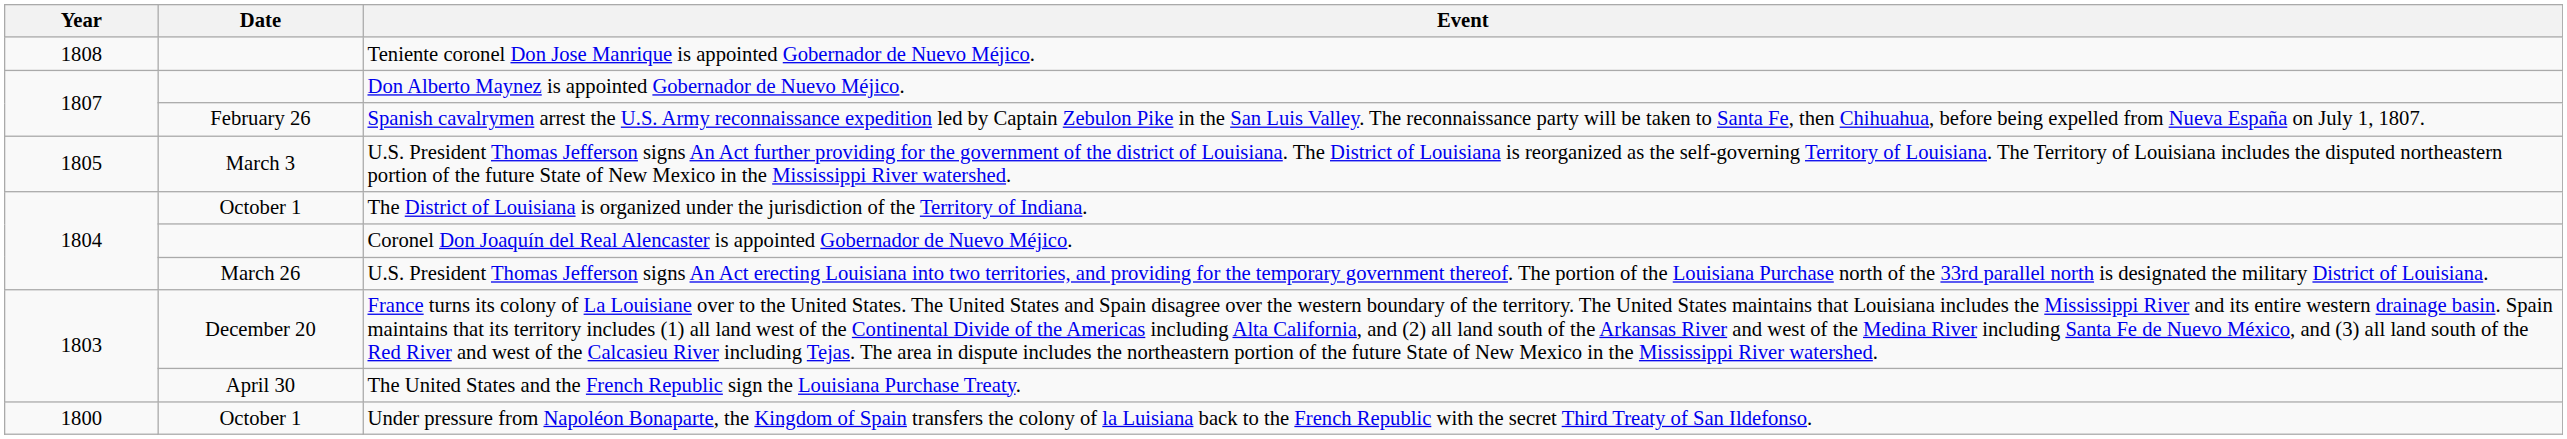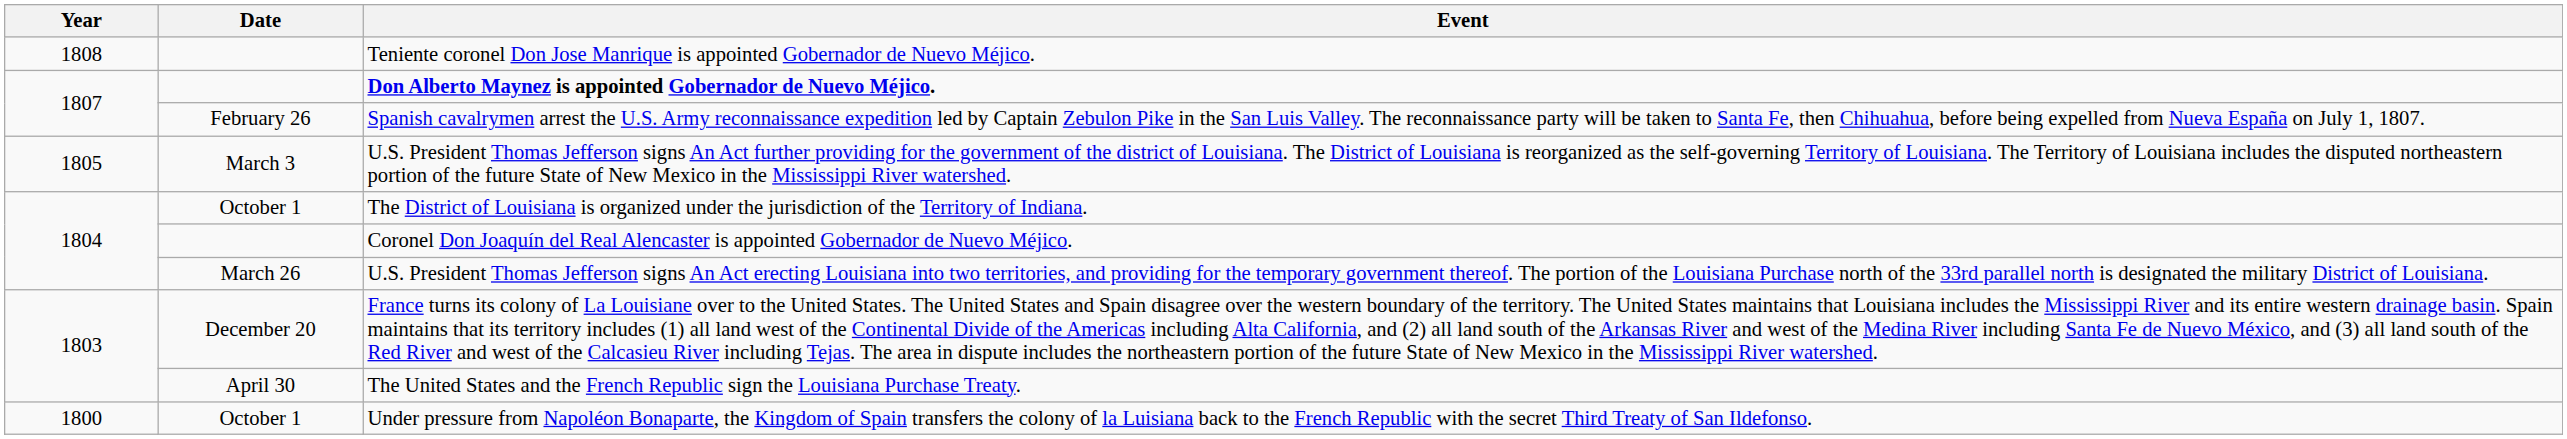 <table class="wikitable" style="width:100%;">
 <tr>
 <th style="width:6%">Year</th>
 <th style="width:8%">Date</th>
 <th style="width:86%">Event</th>
 </tr>
 <tr>
 <td align=center>1808</td>
 <td align=center> </td>
 <td>Teniente coronel <a href='#'>Don Jose Manrique</a> is appointed <a href='#'>Gobernador de Nuevo Méjico</a>.</td>
 </tr>
 <tr>
 <td align=center rowspan=2>1807</td>
 <td align=center> </td>
-<td><a href='#'>Don Alberto Maynez</a> is appointed <a href='#'>Gobernador de Nuevo Méjico</a>.</td>
+<td><strong><a href='#'>Don Alberto Maynez</a> is appointed <a href='#'>Gobernador de Nuevo Méjico</a>.</strong></td>
 </tr>
 <tr>
 <td align=center>February 26</td>
 <td><a href='#'>Spanish cavalrymen</a> arrest the <a href='#'>U.S. Army reconnaissance expedition</a> led by Captain <a href='#'>Zebulon Pike</a> in the <a href='#'>San Luis Valley</a>.  The reconnaissance party will be taken to <a href='#'>Santa Fe</a>, then <a href='#'>Chihuahua</a>, before being expelled from <a href='#'>Nueva España</a> on July 1, 1807.</td>
 </tr>
 <tr>
 <td align=center rowspan=1>1805</td>
 <td align=center>March 3</td>
 <td>U.S. President <a href='#'>Thomas Jefferson</a> signs <a href='#'>An Act further providing for the government of the district of Louisiana</a>.  The <a href='#'>District of Louisiana</a> is reorganized as the self-governing <a href='#'>Territory of Louisiana</a>. The Territory of Louisiana includes the disputed northeastern portion of the future State of New Mexico in the <a href='#'>Mississippi River watershed</a>.</td>
 </tr>
 <tr>
 <td align=center rowspan=3>1804</td>
 <td align=center>October 1</td>
 <td>The <a href='#'>District of Louisiana</a> is organized under the jurisdiction of the <a href='#'>Territory of Indiana</a>.</td>
 </tr>
 <tr>
 <td align=center> </td>
 <td>Coronel <a href='#'>Don Joaquín del Real Alencaster</a> is appointed <a href='#'>Gobernador de Nuevo Méjico</a>.</td>
 </tr>
 <tr>
 <td align=center>March 26</td>
 <td>U.S. President <a href='#'>Thomas Jefferson</a> signs <a href='#'>An Act erecting Louisiana into two territories, and providing for the temporary government thereof</a>.  The portion of the <a href='#'>Louisiana Purchase</a> north of the <a href='#'>33rd parallel north</a> is designated the military <a href='#'>District of Louisiana</a>.</td>
 </tr>
 <tr>
 <td align=center rowspan=2>1803</td>
 <td align=center>December 20</td>
 <td><a href='#'>France</a> turns its colony of <a href='#'>La Louisiane</a> over to the United States.  The United States and Spain disagree over the western boundary of the territory.  The United States maintains that Louisiana includes the <a href='#'>Mississippi River</a> and its entire western <a href='#'>drainage basin</a>.  Spain maintains that its territory includes (1) all land west of the <a href='#'>Continental Divide of the Americas</a> including <a href='#'>Alta California</a>, and (2) all land south of the <a href='#'>Arkansas River</a> and west of the <a href='#'>Medina River</a> including <a href='#'>Santa Fe de Nuevo México</a>, and (3) all land south of the <a href='#'>Red River</a> and west of the <a href='#'>Calcasieu River</a> including <a href='#'>Tejas</a>.  The area in dispute includes the northeastern portion of the future State of New Mexico in the <a href='#'>Mississippi River watershed</a>.</td>
 </tr>
 <tr>
 <td align=center>April 30</td>
 <td>The United States and the <a href='#'>French Republic</a> sign the <a href='#'>Louisiana Purchase Treaty</a>.</td>
 </tr>
 <tr>
 <td align=center rowspan=1>1800</td>
 <td align=center>October 1</td>
 <td>Under pressure from <a href='#'>Napoléon Bonaparte</a>, the <a href='#'>Kingdom of Spain</a> transfers the colony of <a href='#'>la Luisiana</a> back to the <a href='#'>French Republic</a> with the secret <a href='#'>Third Treaty of San Ildefonso</a>.</td>
 </tr>
 </table>
